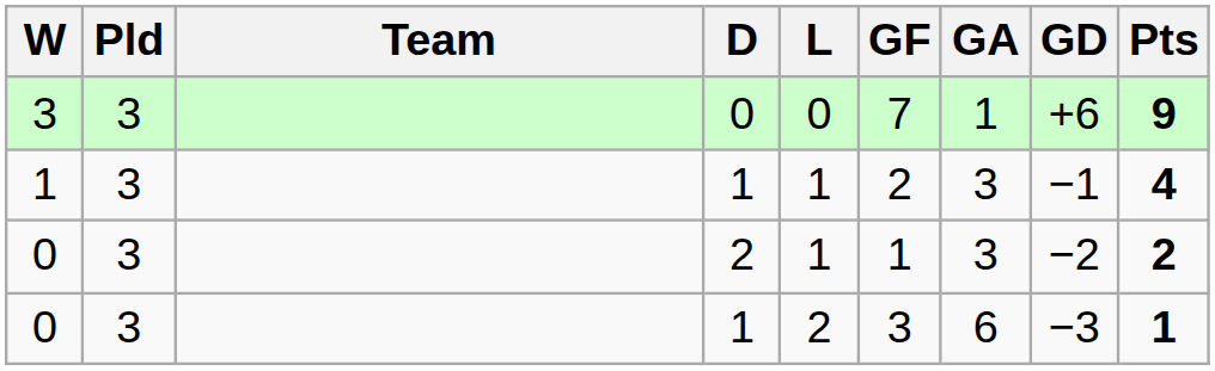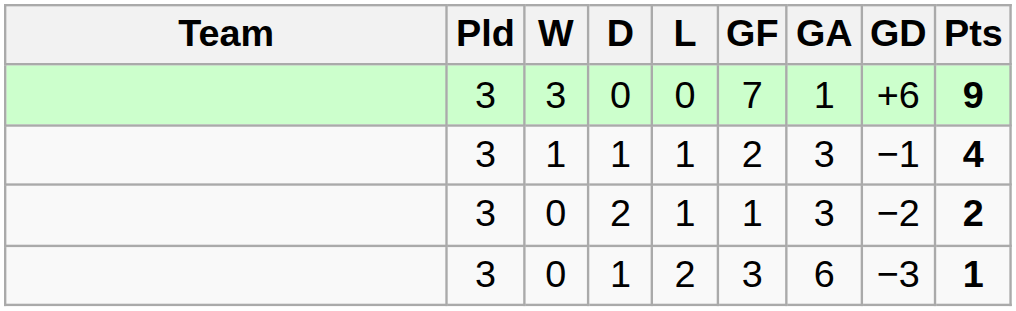 <table class="wikitable" style="text-align:center;">
 <tr>
+<th width=180>Team</th>
+<th width=20>Pld</th>
 <th width=20>W</th>
-<th width=20>Pld</th>
-<th width=180>Team</th>
 <th width=20>D</th>
 <th width=20>L</th>
 <th width=20>GF</th>
 <th width=20>GA</th>
 <th width=20>GD</th>
 <th width=20>Pts</th>
 </tr>
 <tr style="background:#cfc;">
+<td align="left"></td>
 <td>3</td>
 <td>3</td>
-<td align="left"></td>
 <td>0</td>
 <td>0</td>
 <td>7</td>
 <td>1</td>
 <td>+6</td>
 <td><strong>9</strong></td>
 </tr>
 <tr>
+<td align="left"></td>
+<td>3</td>
 <td>1</td>
-<td>3</td>
-<td align="left"></td>
 <td>1</td>
 <td>1</td>
 <td>2</td>
 <td>3</td>
 <td>−1</td>
 <td><strong>4</strong></td>
 </tr>
 <tr>
+<td align="left"></td>
+<td>3</td>
 <td>0</td>
-<td>3</td>
-<td align="left"></td>
 <td>2</td>
 <td>1</td>
 <td>1</td>
 <td>3</td>
 <td>−2</td>
 <td><strong>2</strong></td>
 </tr>
 <tr>
+<td align="left"><em></em></td>
+<td>3</td>
 <td>0</td>
-<td>3</td>
-<td align="left"><em></em></td>
 <td>1</td>
 <td>2</td>
 <td>3</td>
 <td>6</td>
 <td>−3</td>
 <td><strong>1</strong></td>
 </tr>
 </table>
